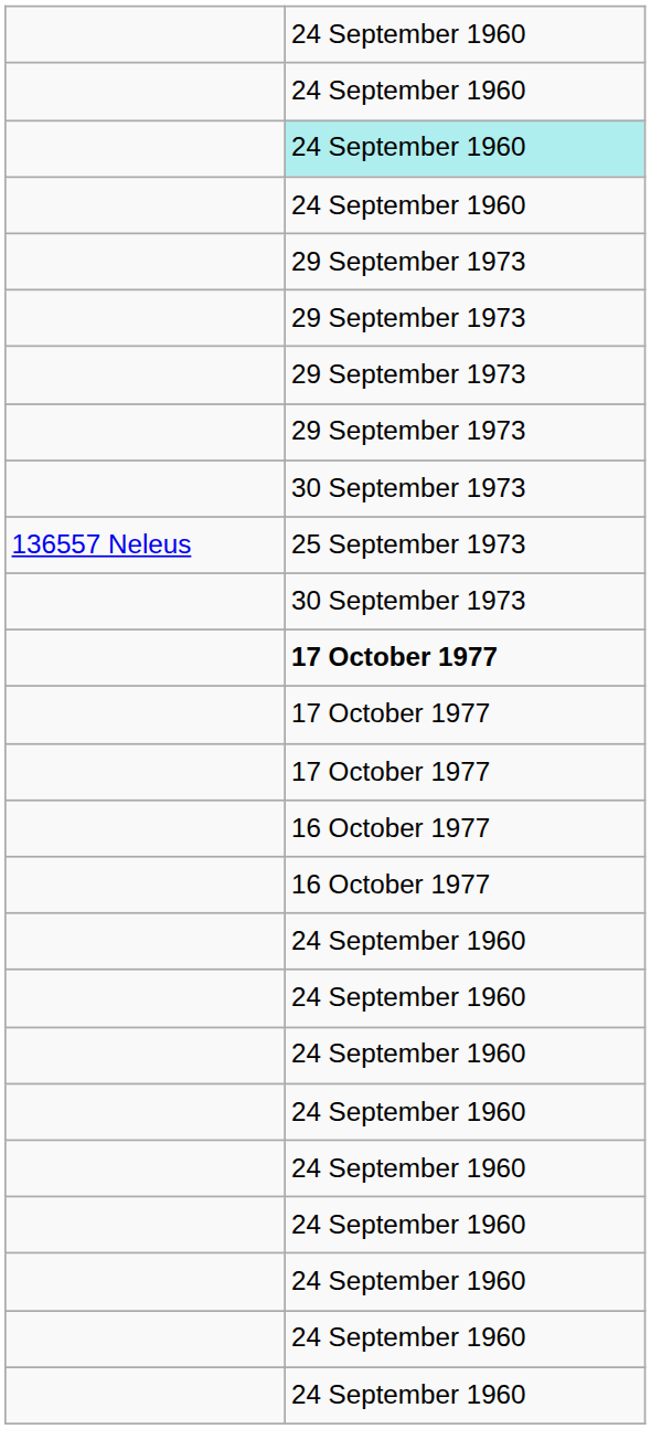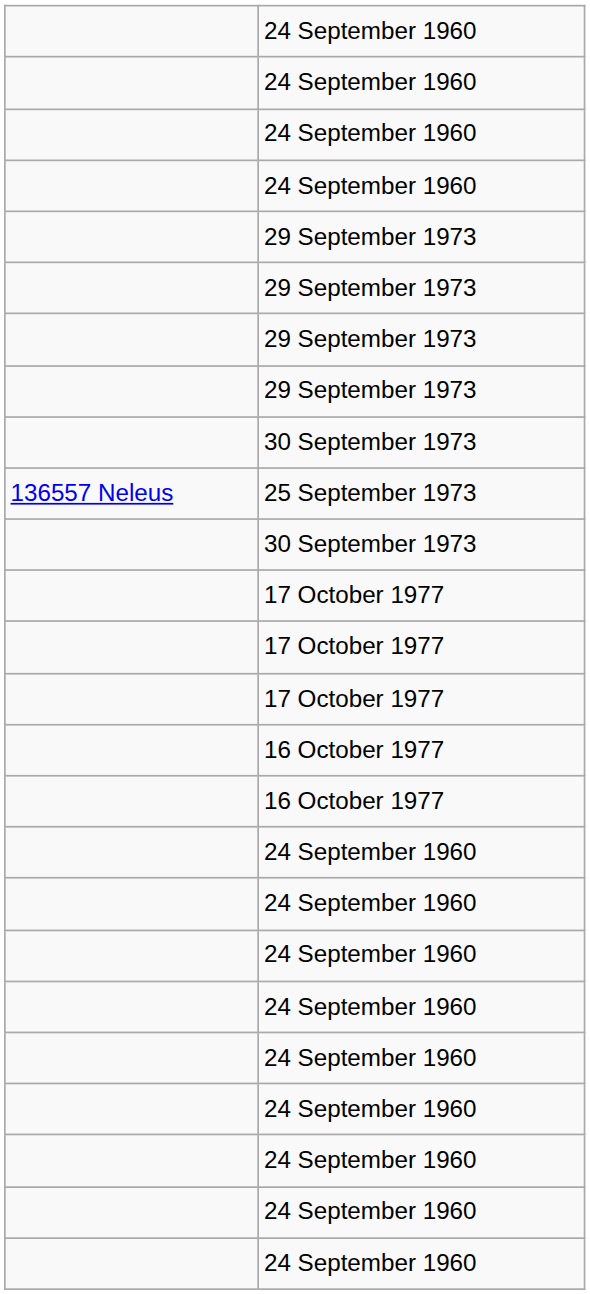 <table class="wikitable" style="font-size: 89%; float: left; width: 24em; margin-right: 1em; line-height: 1.65em">
 <tr>
 <td></td>
 <td>24 September 1960</td>
 </tr>
 <tr>
 <td></td>
 <td>24 September 1960</td>
 </tr>
 <tr>
 <td></td>
-<td style="background: paleturquoise;">24 September 1960</td>
+<td>24 September 1960</td>
 </tr>
 <tr>
 <td></td>
 <td>24 September 1960</td>
 </tr>
 <tr>
 <td></td>
 <td>29 September 1973</td>
 </tr>
 <tr>
 <td></td>
 <td>29 September 1973</td>
 </tr>
 <tr>
 <td></td>
 <td>29 September 1973</td>
 </tr>
 <tr>
 <td></td>
 <td>29 September 1973</td>
 </tr>
 <tr>
 <td></td>
 <td>30 September 1973</td>
 </tr>
 <tr>
 <td><a href='#'>136557 Neleus</a></td>
 <td>25 September 1973</td>
 </tr>
 <tr>
 <td></td>
 <td>30 September 1973</td>
 </tr>
 <tr>
 <td></td>
-<td><strong>17 October 1977</strong></td>
+<td>17 October 1977</td>
 </tr>
 <tr>
 <td></td>
 <td>17 October 1977</td>
 </tr>
 <tr>
 <td></td>
 <td>17 October 1977</td>
 </tr>
 <tr>
 <td></td>
 <td>16 October 1977</td>
 </tr>
 <tr>
 <td></td>
 <td>16 October 1977</td>
 </tr>
 <tr>
 <td></td>
 <td>24 September 1960</td>
 </tr>
 <tr>
 <td></td>
 <td>24 September 1960</td>
 </tr>
 <tr>
 <td></td>
 <td>24 September 1960</td>
 </tr>
 <tr>
 <td></td>
 <td>24 September 1960</td>
 </tr>
 <tr>
 <td></td>
 <td>24 September 1960</td>
 </tr>
 <tr>
 <td></td>
 <td>24 September 1960</td>
 </tr>
 <tr>
 <td></td>
 <td>24 September 1960</td>
 </tr>
 <tr>
 <td></td>
 <td>24 September 1960</td>
 </tr>
 <tr>
 <td></td>
 <td>24 September 1960</td>
 </tr>
 </table>
